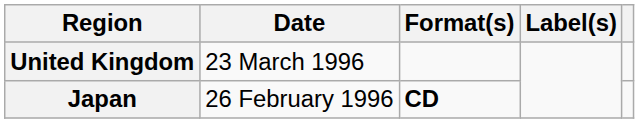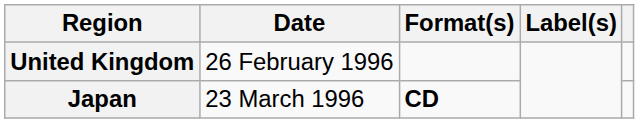 <table class="wikitable plainrowheaders">
 <tr>
 <th scope="col">Region</th>
 <th scope="col">Date</th>
 <th scope="col">Format(s)</th>
 <th scope="col">Label(s)</th>
 <th scope="col"></th>
 </tr>
 <tr>
 <th scope="row">United Kingdom</th>
-<td>23 March 1996</td>
+<td>26 February 1996</td>
 <td></td>
 <td rowspan="2"></td>
 <td></td>
 </tr>
 <tr>
 <th scope="row">Japan</th>
-<td>26 February 1996</td>
+<td>23 March 1996</td>
 <td><strong>CD</strong></td>
 <td></td>
 </tr>
 </table>
